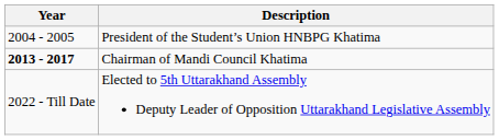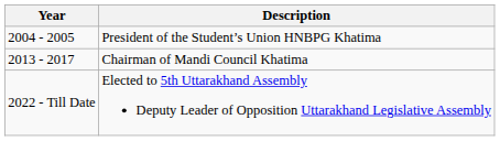 <table class="wikitable">
 <tr>
 <th>Year</th>
 <th>Description</th>
 </tr>
 <tr>
 <td>2004 - 2005</td>
 <td>President of the Student’s Union HNBPG Khatima</td>
 </tr>
 <tr>
-<td><strong>2013 - 2017</strong></td>
+<td>2013 - 2017</td>
 <td>Chairman of Mandi Council Khatima</td>
 </tr>
 <tr>
 <td>2022 - Till Date</td>
 <td>Elected to <a href='#'>5th Uttarakhand Assembly</a><br><ul><li>Deputy Leader of Opposition <a href='#'>Uttarakhand Legislative Assembly</a></li></ul></td>
 </tr>
 </table>
